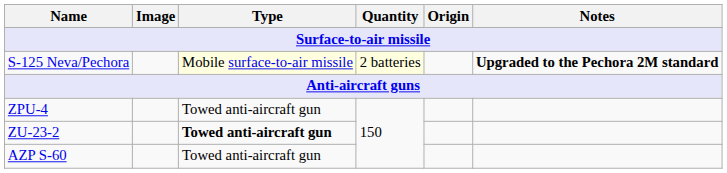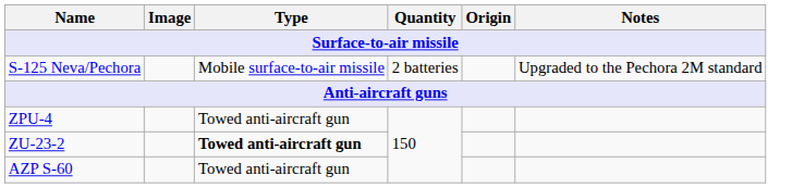 <table class="wikitable">
 <tr>
 <th>Name</th>
 <th>Image</th>
 <th>Type</th>
 <th>Quantity</th>
 <th>Origin</th>
 <th>Notes</th>
 </tr>
 <tr>
 <th colspan="6" style="align: center; background: lavender;"><a href='#'>Surface-to-air missile</a></th>
 </tr>
 <tr>
 <td><a href='#'>S-125 Neva/Pechora</a></td>
 <td></td>
-<td style="background: lightyellow;">Mobile <a href='#'>surface-to-air missile</a></td>
-<td style="background: lightyellow;">2 batteries</td>
+<td>Mobile <a href='#'>surface-to-air missile</a></td>
+<td>2 batteries</td>
 <td></td>
-<td><strong>Upgraded to the Pechora 2M standard</strong></td>
+<td>Upgraded to the Pechora 2M standard</td>
 </tr>
 <tr>
 <th colspan="6" style="align: center; background: lavender;"><a href='#'>Anti-aircraft guns</a></th>
 </tr>
 <tr>
 <td><a href='#'>ZPU-4</a></td>
 <td></td>
 <td>Towed anti-aircraft gun</td>
 <td rowspan="3">150</td>
 <td></td>
 <td></td>
 </tr>
 <tr>
 <td><a href='#'>ZU-23-2</a></td>
 <td></td>
 <td><strong>Towed anti-aircraft gun</strong></td>
 <td></td>
 <td></td>
 </tr>
 <tr>
 <td><a href='#'>AZP S-60</a></td>
 <td></td>
 <td>Towed anti-aircraft gun</td>
 <td></td>
 <td></td>
 </tr>
 </table>
